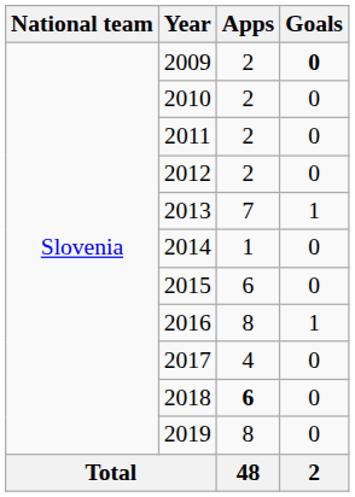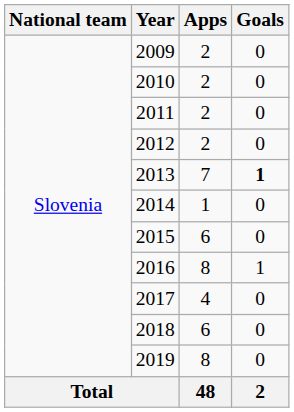 <table class="wikitable" style="text-align:center">
 <tr>
 <th>National team</th>
 <th>Year</th>
 <th>Apps</th>
 <th>Goals</th>
 </tr>
 <tr>
 <td rowspan="11"><a href='#'>Slovenia</a></td>
 <td>2009</td>
 <td>2</td>
-<td><strong>0</strong></td>
+<td>0</td>
 </tr>
 <tr>
 <td>2010</td>
 <td>2</td>
 <td>0</td>
 </tr>
 <tr>
 <td>2011</td>
 <td>2</td>
 <td>0</td>
 </tr>
 <tr>
 <td>2012</td>
 <td>2</td>
 <td>0</td>
 </tr>
 <tr>
 <td>2013</td>
 <td>7</td>
-<td>1</td>
+<td><strong>1</strong></td>
 </tr>
 <tr>
 <td>2014</td>
 <td>1</td>
 <td>0</td>
 </tr>
 <tr>
 <td>2015</td>
 <td>6</td>
 <td>0</td>
 </tr>
 <tr>
 <td>2016</td>
 <td>8</td>
 <td>1</td>
 </tr>
 <tr>
 <td>2017</td>
 <td>4</td>
 <td>0</td>
 </tr>
 <tr>
 <td>2018</td>
-<td><strong>6</strong></td>
+<td>6</td>
 <td>0</td>
 </tr>
 <tr>
 <td>2019</td>
 <td>8</td>
 <td>0</td>
 </tr>
 <tr>
 <th colspan="2">Total</th>
 <th>48</th>
 <th>2</th>
 </tr>
 </table>
